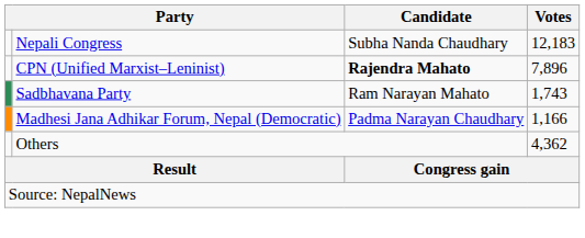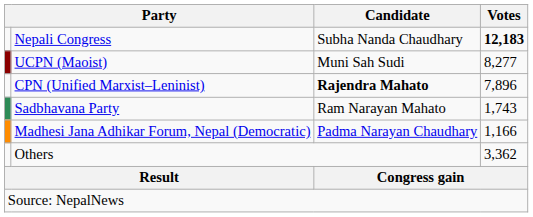 <table class="wikitable">
 <tr>
 <th colspan="2">Party</th>
 <th>Candidate</th>
 <th>Votes</th>
 </tr>
 <tr>
 <td style="background-color:"></td>
 <td><a href='#'>Nepali Congress</a></td>
 <td>Subha Nanda Chaudhary</td>
-<td>12,183</td>
+<td><strong>12,183</strong></td>
+</tr>
+<tr>
+<td style="background-color:darkred"></td>
+<td><a href='#'>UCPN (Maoist)</a></td>
+<td>Muni Sah Sudi</td>
+<td>8,277</td>
 </tr>
 <tr>
 <td style="background-color:"></td>
 <td><a href='#'>CPN (Unified Marxist–Leninist)</a></td>
 <td><strong>Rajendra Mahato</strong></td>
 <td>7,896</td>
 </tr>
 <tr>
 <td style="background-color:seagreen"></td>
 <td><a href='#'>Sadbhavana Party</a></td>
 <td>Ram Narayan Mahato</td>
 <td>1,743</td>
 </tr>
 <tr>
 <td style="background-color:darkorange"></td>
 <td><a href='#'>Madhesi Jana Adhikar Forum, Nepal (Democratic)</a></td>
 <td><a href='#'>Padma Narayan Chaudhary</a></td>
 <td>1,166</td>
 </tr>
 <tr>
 <td></td>
 <td colspan="2">Others</td>
-<td>4,362</td>
+<td>3,362</td>
 </tr>
 <tr>
 <th colspan="2">Result</th>
 <th colspan="2">Congress gain</th>
 </tr>
 <tr>
 <td colspan="4">Source: NepalNews</td>
 </tr>
 </table>
